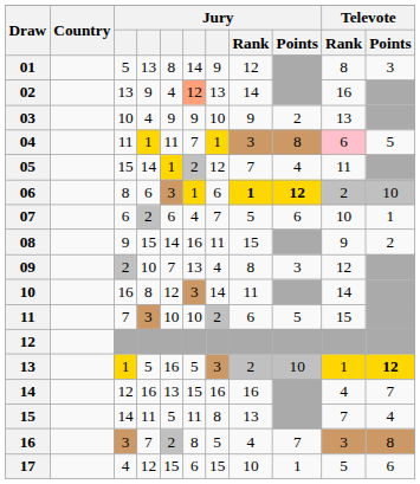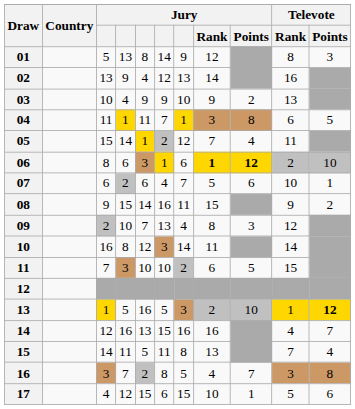 <table class="sortable wikitable collapsible plainrowheaders" style="text-align:center;">
 <tr>
 </tr>
 <tr>
 <th scope="col" rowspan="2">Draw</th>
 <th scope="col" rowspan="2">Country</th>
 <th scope="col" colspan="7">Jury</th>
 <th scope="col" colspan="2">Televote</th>
 </tr>
 <tr>
 <th scope="col"><small></small></th>
 <th scope="col"><small></small></th>
 <th scope="col"><small></small></th>
 <th scope="col"><small></small></th>
 <th scope="col"><small></small></th>
 <th scope="col">Rank</th>
 <th scope="col">Points</th>
 <th scope="col">Rank</th>
 <th scope="col">Points</th>
 </tr>
 <tr>
 <th scope="row" style="text-align:center;">01</th>
 <td style="text-align:left;"></td>
 <td>5</td>
 <td>13</td>
 <td>8</td>
 <td>14</td>
 <td>9</td>
 <td>12</td>
 <td style="background:#AAAAAA;"></td>
 <td>8</td>
 <td>3</td>
 </tr>
 <tr>
 <th scope="row" style="text-align:center;">02</th>
 <td style="text-align:left;"></td>
 <td>13</td>
 <td>9</td>
 <td>4</td>
-<td style="background: lightsalmon;">12</td>
+<td>12</td>
 <td>13</td>
 <td>14</td>
 <td style="background:#AAAAAA;"></td>
 <td>16</td>
 <td style="background:#AAAAAA;"></td>
 </tr>
 <tr>
 <th scope="row" style="text-align:center;">03</th>
 <td style="text-align:left;"></td>
 <td>10</td>
 <td>4</td>
 <td>9</td>
 <td>9</td>
 <td>10</td>
 <td>9</td>
 <td>2</td>
 <td>13</td>
 <td style="background:#AAAAAA;"></td>
 </tr>
 <tr>
 <th scope="row" style="text-align:center;">04</th>
 <td style="text-align:left;"></td>
 <td>11</td>
 <td style="background:gold;">1</td>
 <td>11</td>
 <td>7</td>
 <td style="background:gold;">1</td>
 <td style="background:#CC9966;">3</td>
 <td style="background:#CC9966;">8</td>
-<td style="background: pink;">6</td>
+<td>6</td>
 <td>5</td>
 </tr>
 <tr>
 <th scope="row" style="text-align:center;">05</th>
 <td style="text-align:left;"></td>
 <td>15</td>
 <td>14</td>
 <td style="background:gold;">1</td>
 <td style="background:silver;">2</td>
 <td>12</td>
 <td>7</td>
 <td>4</td>
 <td>11</td>
 <td style="background:#AAAAAA;"></td>
 </tr>
 <tr>
 <th scope="row" style="text-align:center;">06</th>
 <td style="text-align:left;"></td>
 <td>8</td>
 <td>6</td>
 <td style="background:#CC9966;">3</td>
 <td style="background:gold;">1</td>
 <td>6</td>
 <td style="background:gold;"><strong>1</strong></td>
 <td style="background:gold;"><strong>12</strong></td>
 <td style="background:silver;">2</td>
 <td style="background:silver;">10</td>
 </tr>
 <tr>
 <th scope="row" style="text-align:center;">07</th>
 <td style="text-align:left;"></td>
 <td>6</td>
 <td style="background:silver;">2</td>
 <td>6</td>
 <td>4</td>
 <td>7</td>
 <td>5</td>
 <td>6</td>
 <td>10</td>
 <td>1</td>
 </tr>
 <tr>
 <th scope="row" style="text-align:center;">08</th>
 <td style="text-align:left;"></td>
 <td>9</td>
 <td>15</td>
 <td>14</td>
 <td>16</td>
 <td>11</td>
 <td>15</td>
 <td style="background:#AAAAAA;"></td>
 <td>9</td>
 <td>2</td>
 </tr>
 <tr>
 <th scope="row" style="text-align:center;">09</th>
 <td style="text-align:left;"></td>
 <td style="background:silver;">2</td>
 <td>10</td>
 <td>7</td>
 <td>13</td>
 <td>4</td>
 <td>8</td>
 <td>3</td>
 <td>12</td>
 <td style="background:#AAAAAA;"></td>
 </tr>
 <tr>
 <th scope="row" style="text-align:center;">10</th>
 <td style="text-align:left;"></td>
 <td>16</td>
 <td>8</td>
 <td>12</td>
 <td style="background:#CC9966;">3</td>
 <td>14</td>
 <td>11</td>
 <td style="background:#AAAAAA;"></td>
 <td>14</td>
 <td style="background:#AAAAAA;"></td>
 </tr>
 <tr>
 <th scope="row" style="text-align:center;">11</th>
 <td style="text-align:left;"></td>
 <td>7</td>
 <td style="background:#CC9966;">3</td>
 <td>10</td>
 <td>10</td>
 <td style="background:silver;">2</td>
 <td>6</td>
 <td>5</td>
 <td>15</td>
 <td style="background:#AAAAAA;"></td>
 </tr>
 <tr class="sortbottom">
 <th scope="row" style="text-align:center;">12</th>
 <td style="text-align:left;"></td>
 <td style="background:#AAAAAA;"></td>
 <td style="background:#AAAAAA;"></td>
 <td style="background:#AAAAAA;"></td>
 <td style="background:#AAAAAA;"></td>
 <td style="background:#AAAAAA;"></td>
 <td style="background:#AAAAAA;"></td>
 <td style="background:#AAAAAA;"></td>
 <td style="background:#AAAAAA;"></td>
 <td style="background:#AAAAAA;"></td>
 </tr>
 <tr>
 <th scope="row" style="text-align:center;">13</th>
 <td style="text-align:left;"></td>
 <td style="background:gold;">1</td>
 <td>5</td>
 <td>16</td>
 <td>5</td>
 <td style="background:#CC9966;">3</td>
 <td style="background:silver;">2</td>
 <td style="background:silver;">10</td>
 <td style="background:gold;">1</td>
 <td style="background:gold;"><strong>12</strong></td>
 </tr>
 <tr>
 <th scope="row" style="text-align:center;">14</th>
 <td style="text-align:left;"></td>
 <td>12</td>
 <td>16</td>
 <td>13</td>
 <td>15</td>
 <td>16</td>
 <td>16</td>
 <td style="background:#AAAAAA;"></td>
 <td>4</td>
 <td>7</td>
 </tr>
 <tr>
 <th scope="row" style="text-align:center;">15</th>
 <td style="text-align:left;"></td>
 <td>14</td>
 <td>11</td>
 <td>5</td>
 <td>11</td>
 <td>8</td>
 <td>13</td>
 <td style="background:#AAAAAA;"></td>
 <td>7</td>
 <td>4</td>
 </tr>
 <tr>
 <th scope="row" style="text-align:center;">16</th>
 <td style="text-align:left;"></td>
 <td style="background:#CC9966;">3</td>
 <td>7</td>
 <td style="background:silver;">2</td>
 <td>8</td>
 <td>5</td>
 <td>4</td>
 <td>7</td>
 <td style="background:#CC9966;">3</td>
 <td style="background:#CC9966;">8</td>
 </tr>
 <tr>
 <th scope="row" style="text-align:center;">17</th>
 <td style="text-align:left;"></td>
 <td>4</td>
 <td>12</td>
 <td>15</td>
 <td>6</td>
 <td>15</td>
 <td>10</td>
 <td>1</td>
 <td>5</td>
 <td>6</td>
 </tr>
 </table>
